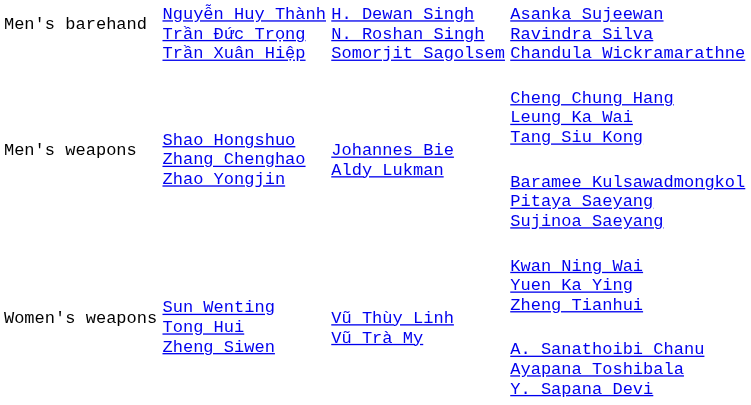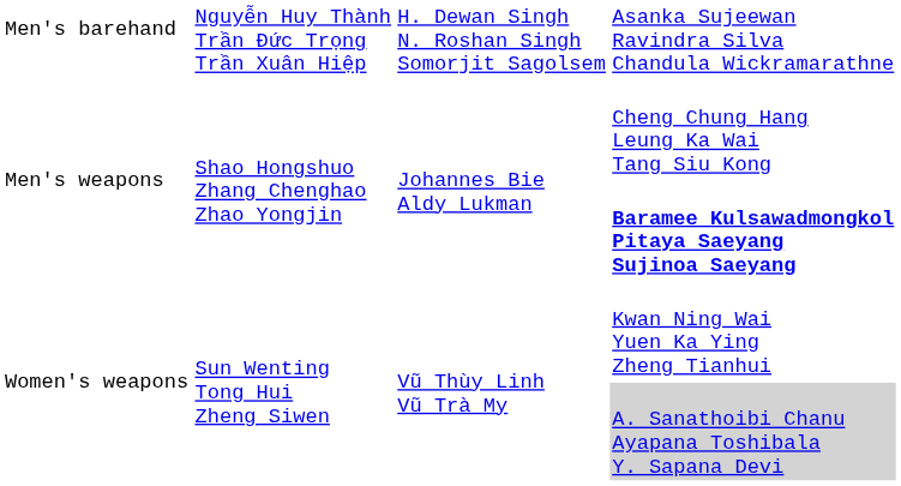 <table>
 <tr>
 <td>Men's barehand</td>
 <td><br><a href='#'>Nguyễn Huy Thành</a><br><a href='#'>Trần Đức Trọng</a><br><a href='#'>Trần Xuân Hiệp</a></td>
 <td><br><a href='#'>H. Dewan Singh</a><br><a href='#'>N. Roshan Singh</a><br><a href='#'>Somorjit Sagolsem</a></td>
 <td><br><a href='#'>Asanka Sujeewan</a><br><a href='#'>Ravindra Silva</a><br><a href='#'>Chandula Wickramarathne</a></td>
 </tr>
 <tr>
 <td rowspan=2>Men's weapons</td>
 <td rowspan=2><br><a href='#'>Shao Hongshuo</a><br><a href='#'>Zhang Chenghao</a><br><a href='#'>Zhao Yongjin</a></td>
 <td rowspan=2><br><a href='#'>Johannes Bie</a><br><a href='#'>Aldy Lukman</a></td>
 <td><br><a href='#'>Cheng Chung Hang</a><br><a href='#'>Leung Ka Wai</a><br><a href='#'>Tang Siu Kong</a></td>
 </tr>
 <tr>
-<td><br><a href='#'>Baramee Kulsawadmongkol</a><br><a href='#'>Pitaya Saeyang</a><br><a href='#'>Sujinoa Saeyang</a></td>
+<td><strong><br><a href='#'>Baramee Kulsawadmongkol</a><br><a href='#'>Pitaya Saeyang</a><br><a href='#'>Sujinoa Saeyang</a></strong></td>
 </tr>
 <tr>
 <td rowspan=2>Women's weapons</td>
 <td rowspan=2><br><a href='#'>Sun Wenting</a><br><a href='#'>Tong Hui</a><br><a href='#'>Zheng Siwen</a></td>
 <td rowspan=2><br><a href='#'>Vũ Thùy Linh</a><br><a href='#'>Vũ Trà My</a></td>
 <td><br><a href='#'>Kwan Ning Wai</a><br><a href='#'>Yuen Ka Ying</a><br><a href='#'>Zheng Tianhui</a></td>
 </tr>
 <tr>
-<td><br><a href='#'>A. Sanathoibi Chanu</a><br><a href='#'>Ayapana Toshibala</a><br><a href='#'>Y. Sapana Devi</a></td>
+<td style="background: lightgrey;"><br><a href='#'>A. Sanathoibi Chanu</a><br><a href='#'>Ayapana Toshibala</a><br><a href='#'>Y. Sapana Devi</a></td>
 </tr>
 </table>
